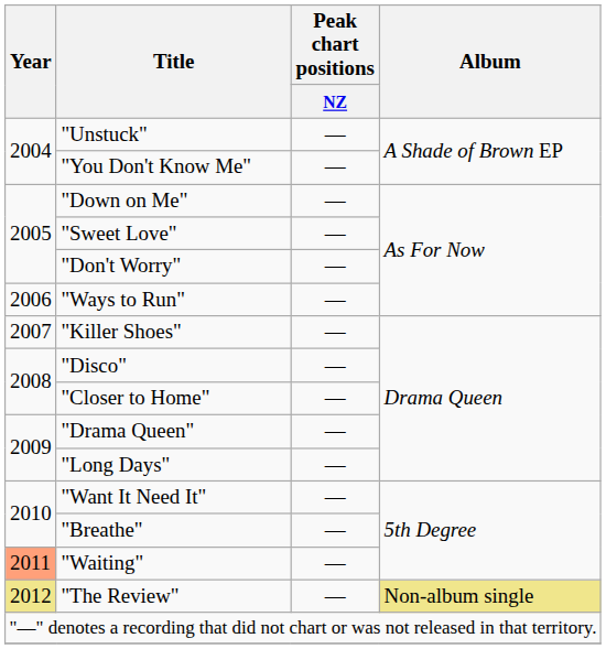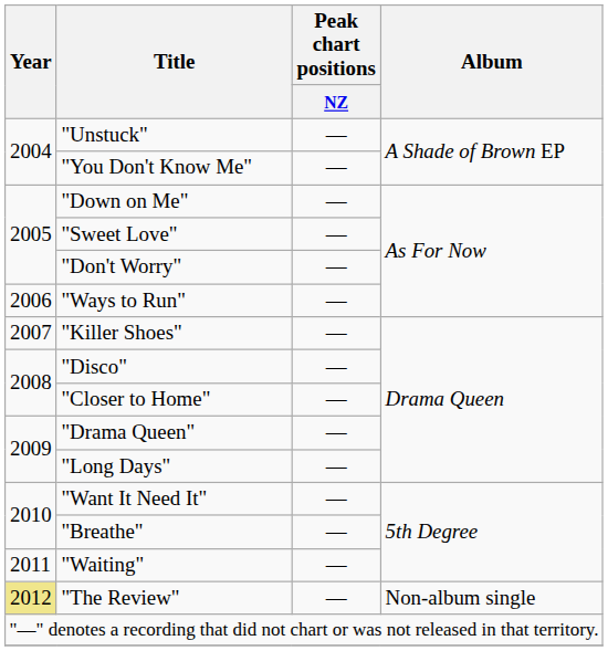 <table class="wikitable plainrowheaders">
 <tr>
 <th rowspan="2"  width="1em">Year</th>
 <th rowspan="2">Title</th>
 <th width="3em">Peak chart positions</th>
 <th rowspan="2">Album</th>
 </tr>
 <tr>
 <th><small><a href='#'>NZ</a></small></th>
 </tr>
 <tr>
 <td rowspan=2>2004</td>
 <td>"Unstuck"</td>
 <td align="center">—</td>
 <td rowspan=2><em>A Shade of Brown</em> EP</td>
 </tr>
 <tr>
 <td>"You Don't Know Me"</td>
 <td align="center">—</td>
 </tr>
 <tr>
 <td rowspan=3>2005</td>
 <td>"Down on Me"</td>
 <td align="center">—</td>
 <td rowspan=4><em>As For Now</em></td>
 </tr>
 <tr>
 <td>"Sweet Love"</td>
 <td align="center">—</td>
 </tr>
 <tr>
 <td>"Don't Worry"</td>
 <td align="center">—</td>
 </tr>
 <tr>
 <td>2006</td>
 <td>"Ways to Run"</td>
 <td align="center">—</td>
 </tr>
 <tr>
 <td>2007</td>
 <td>"Killer Shoes"</td>
 <td align="center">—</td>
 <td rowspan=5><em>Drama Queen</em></td>
 </tr>
 <tr>
 <td rowspan=2>2008</td>
 <td>"Disco"</td>
 <td align="center">—</td>
 </tr>
 <tr>
 <td>"Closer to Home"</td>
 <td align="center">—</td>
 </tr>
 <tr>
 <td rowspan=2>2009</td>
 <td>"Drama Queen"</td>
 <td align="center">—</td>
 </tr>
 <tr>
 <td>"Long Days"</td>
 <td align="center">—</td>
 </tr>
 <tr>
 <td rowspan=2>2010</td>
 <td>"Want It Need It"</td>
 <td align="center">—</td>
 <td rowspan=3><em>5th Degree</em></td>
 </tr>
 <tr>
 <td>"Breathe"</td>
 <td align="center">—</td>
 </tr>
 <tr>
-<td style="background: lightsalmon;">2011</td>
+<td>2011</td>
 <td>"Waiting"</td>
 <td align="center">—</td>
 </tr>
 <tr>
 <td style="background: khaki;">2012</td>
 <td>"The Review"</td>
 <td align="center">—</td>
-<td style="background: khaki;">Non-album single</td>
+<td>Non-album single</td>
 </tr>
 <tr>
 <td colspan="4" style="font-size:90%" align="center">"—" denotes a recording that did not chart or was not released in that territory.</td>
 </tr>
 <tr>
 </tr>
 </table>
